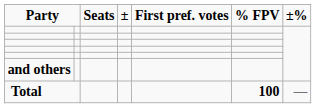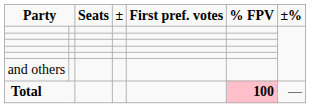 <table class="wikitable">
 <tr>
 <td colspan="2" rowspan="1" align="center" valign="top"><strong>Party</strong></td>
 <td valign="top"><strong>Seats</strong></td>
 <td valign="top" align="center"><strong>±</strong></td>
 <td valign="top"><strong>First pref. votes</strong></td>
 <td valign="top"><strong>% FPV</strong></td>
 <td valign="top" align="center"><strong>±%</strong></td>
 </tr>
 <tr>
 <td></td>
 <td align="right"></td>
 <td align="right"></td>
 <td align="right"></td>
 <td align="right"></td>
 <td align="right"></td>
 </tr>
 <tr>
 <td></td>
 <td align="right"></td>
 <td align="right"></td>
 <td align="right"></td>
 <td align="right"></td>
 <td align="right"></td>
 </tr>
 <tr>
 <td></td>
 <td align="right"></td>
 <td align="right"></td>
 <td align="right"></td>
 <td align="right"></td>
 <td align="right"></td>
 </tr>
 <tr>
 <td></td>
 <td align="right"></td>
 <td align="right"></td>
 <td align="right"></td>
 <td align="right"></td>
 <td align="right"></td>
 </tr>
 <tr>
 <td></td>
 <td align="right"></td>
 <td align="right"></td>
 <td align="right"></td>
 <td align="right"></td>
 <td align="right"></td>
 </tr>
 <tr>
-<td><strong> and others</strong></td>
+<td> and others</td>
 <td align="right"></td>
 <td align="right"></td>
 <td align="right"></td>
 <td align="right"></td>
 <td align="right"></td>
 </tr>
 <tr>
 <td colspan="2" rowspan="1"> <strong>Total</strong></td>
 <td align="right"><strong> </strong></td>
 <td align="right"></td>
 <td align="right"></td>
-<td align="right"><strong>100</strong></td>
+<td align="right" style="background: pink;"><strong>100</strong></td>
 <td align="right">—</td>
 </tr>
 </table>
